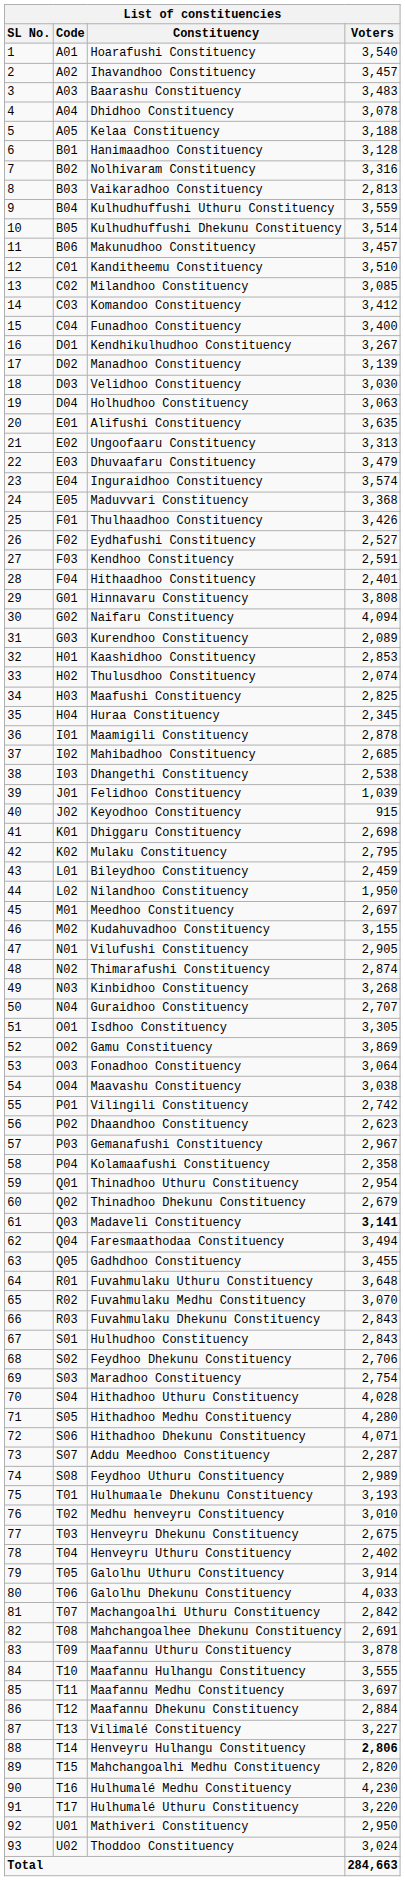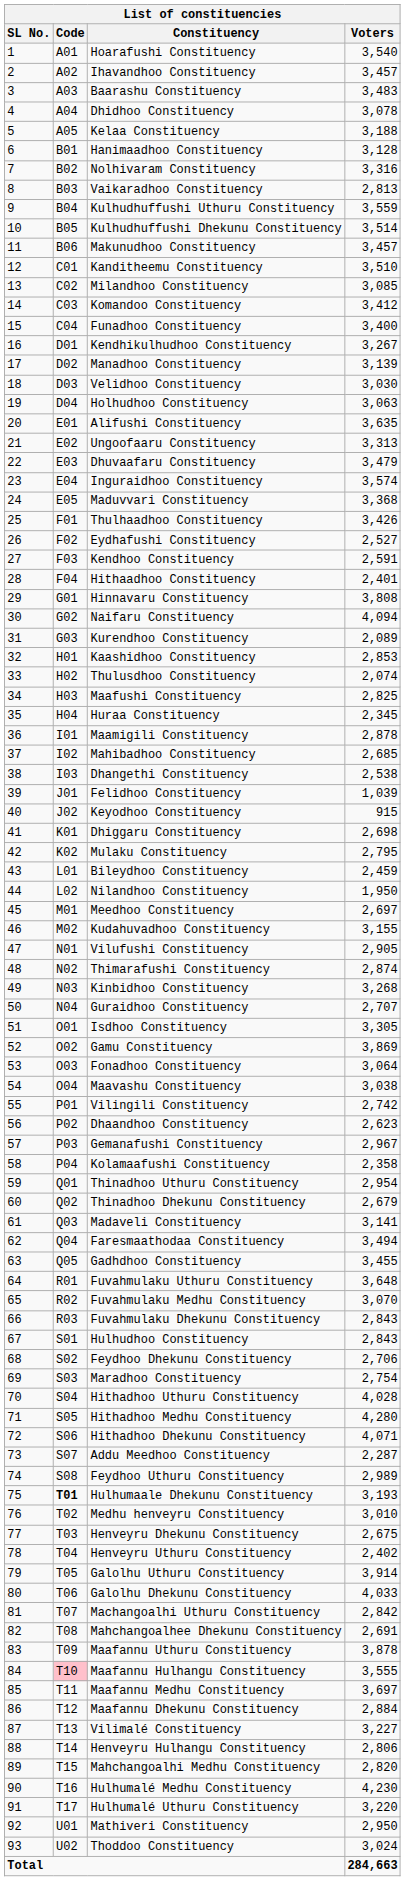 <table class="wikitable sortable collapsible">
 <tr>
 <th colspan=4>List of constituencies</th>
 </tr>
 <tr>
 <th>SL No.</th>
 <th>Code</th>
 <th>Constituency</th>
 <th>Voters</th>
 </tr>
 <tr>
 <td>1</td>
 <td>A01</td>
 <td>Hoarafushi Constituency</td>
 <td align=right>3,540</td>
 </tr>
 <tr>
 <td>2</td>
 <td>A02</td>
 <td>Ihavandhoo Constituency</td>
 <td align=right>3,457</td>
 </tr>
 <tr>
 <td>3</td>
 <td>A03</td>
 <td>Baarashu Constituency</td>
 <td align=right>3,483</td>
 </tr>
 <tr>
 <td>4</td>
 <td>A04</td>
 <td>Dhidhoo Constituency</td>
 <td align=right>3,078</td>
 </tr>
 <tr>
 <td>5</td>
 <td>A05</td>
 <td>Kelaa Constituency</td>
 <td align=right>3,188</td>
 </tr>
 <tr>
 <td>6</td>
 <td>B01</td>
 <td>Hanimaadhoo Constituency</td>
 <td align=right>3,128</td>
 </tr>
 <tr>
 <td>7</td>
 <td>B02</td>
 <td>Nolhivaram Constituency</td>
 <td align=right>3,316</td>
 </tr>
 <tr>
 <td>8</td>
 <td>B03</td>
 <td>Vaikaradhoo Constituency</td>
 <td align=right>2,813</td>
 </tr>
 <tr>
 <td>9</td>
 <td>B04</td>
 <td>Kulhudhuffushi Uthuru Constituency</td>
 <td align=right>3,559</td>
 </tr>
 <tr>
 <td>10</td>
 <td>B05</td>
 <td>Kulhudhuffushi Dhekunu  Constituency</td>
 <td align=right>3,514</td>
 </tr>
 <tr>
 <td>11</td>
 <td>B06</td>
 <td>Makunudhoo Constituency</td>
 <td align=right>3,457</td>
 </tr>
 <tr>
 <td>12</td>
 <td>C01</td>
 <td>Kanditheemu Constituency</td>
 <td align=right>3,510</td>
 </tr>
 <tr>
 <td>13</td>
 <td>C02</td>
 <td>Milandhoo Constituency</td>
 <td align=right>3,085</td>
 </tr>
 <tr>
 <td>14</td>
 <td>C03</td>
 <td>Komandoo Constituency</td>
 <td align=right>3,412</td>
 </tr>
 <tr>
 <td>15</td>
 <td>C04</td>
 <td>Funadhoo Constituency</td>
 <td align=right>3,400</td>
 </tr>
 <tr>
 <td>16</td>
 <td>D01</td>
 <td>Kendhikulhudhoo Constituency</td>
 <td align=right>3,267</td>
 </tr>
 <tr>
 <td>17</td>
 <td>D02</td>
 <td>Manadhoo Constituency</td>
 <td align=right>3,139</td>
 </tr>
 <tr>
 <td>18</td>
 <td>D03</td>
 <td>Velidhoo Constituency</td>
 <td align=right>3,030</td>
 </tr>
 <tr>
 <td>19</td>
 <td>D04</td>
 <td>Holhudhoo Constituency</td>
 <td align=right>3,063</td>
 </tr>
 <tr>
 <td>20</td>
 <td>E01</td>
 <td>Alifushi Constituency</td>
 <td align=right>3,635</td>
 </tr>
 <tr>
 <td>21</td>
 <td>E02</td>
 <td>Ungoofaaru Constituency</td>
 <td align=right>3,313</td>
 </tr>
 <tr>
 <td>22</td>
 <td>E03</td>
 <td>Dhuvaafaru Constituency</td>
 <td align=right>3,479</td>
 </tr>
 <tr>
 <td>23</td>
 <td>E04</td>
 <td>Inguraidhoo Constituency</td>
 <td align=right>3,574</td>
 </tr>
 <tr>
 <td>24</td>
 <td>E05</td>
 <td>Maduvvari Constituency</td>
 <td align=right>3,368</td>
 </tr>
 <tr>
 <td>25</td>
 <td>F01</td>
 <td>Thulhaadhoo Constituency</td>
 <td align=right>3,426</td>
 </tr>
 <tr>
 <td>26</td>
 <td>F02</td>
 <td>Eydhafushi Constituency</td>
 <td align=right>2,527</td>
 </tr>
 <tr>
 <td>27</td>
 <td>F03</td>
 <td>Kendhoo Constituency</td>
 <td align=right>2,591</td>
 </tr>
 <tr>
 <td>28</td>
 <td>F04</td>
 <td>Hithaadhoo Constituency</td>
 <td align=right>2,401</td>
 </tr>
 <tr>
 <td>29</td>
 <td>G01</td>
 <td>Hinnavaru Constituency</td>
 <td align=right>3,808</td>
 </tr>
 <tr>
 <td>30</td>
 <td>G02</td>
 <td>Naifaru Constituency</td>
 <td align=right>4,094</td>
 </tr>
 <tr>
 <td>31</td>
 <td>G03</td>
 <td>Kurendhoo Constituency</td>
 <td align=right>2,089</td>
 </tr>
 <tr>
 <td>32</td>
 <td>H01</td>
 <td>Kaashidhoo Constituency</td>
 <td align=right>2,853</td>
 </tr>
 <tr>
 <td>33</td>
 <td>H02</td>
 <td>Thulusdhoo Constituency</td>
 <td align=right>2,074</td>
 </tr>
 <tr>
 <td>34</td>
 <td>H03</td>
 <td>Maafushi Constituency</td>
 <td align=right>2,825</td>
 </tr>
 <tr>
 <td>35</td>
 <td>H04</td>
 <td>Huraa Constituency</td>
 <td align=right>2,345</td>
 </tr>
 <tr>
 <td>36</td>
 <td>I01</td>
 <td>Maamigili Constituency</td>
 <td align=right>2,878</td>
 </tr>
 <tr>
 <td>37</td>
 <td>I02</td>
 <td>Mahibadhoo Constituency</td>
 <td align=right>2,685</td>
 </tr>
 <tr>
 <td>38</td>
 <td>I03</td>
 <td>Dhangethi Constituency</td>
 <td align=right>2,538</td>
 </tr>
 <tr>
 <td>39</td>
 <td>J01</td>
 <td>Felidhoo Constituency</td>
 <td align=right>1,039</td>
 </tr>
 <tr>
 <td>40</td>
 <td>J02</td>
 <td>Keyodhoo Constituency</td>
 <td align=right>915</td>
 </tr>
 <tr>
 <td>41</td>
 <td>K01</td>
 <td>Dhiggaru Constituency</td>
 <td align=right>2,698</td>
 </tr>
 <tr>
 <td>42</td>
 <td>K02</td>
 <td>Mulaku Constituency</td>
 <td align=right>2,795</td>
 </tr>
 <tr>
 <td>43</td>
 <td>L01</td>
 <td>Bileydhoo Constituency</td>
 <td align=right>2,459</td>
 </tr>
 <tr>
 <td>44</td>
 <td>L02</td>
 <td>Nilandhoo Constituency</td>
 <td align=right>1,950</td>
 </tr>
 <tr>
 <td>45</td>
 <td>M01</td>
 <td>Meedhoo Constituency</td>
 <td align=right>2,697</td>
 </tr>
 <tr>
 <td>46</td>
 <td>M02</td>
 <td>Kudahuvadhoo Constituency</td>
 <td align=right>3,155</td>
 </tr>
 <tr>
 <td>47</td>
 <td>N01</td>
 <td>Vilufushi Constituency</td>
 <td align=right>2,905</td>
 </tr>
 <tr>
 <td>48</td>
 <td>N02</td>
 <td>Thimarafushi Constituency</td>
 <td align=right>2,874</td>
 </tr>
 <tr>
 <td>49</td>
 <td>N03</td>
 <td>Kinbidhoo Constituency</td>
 <td align=right>3,268</td>
 </tr>
 <tr>
 <td>50</td>
 <td>N04</td>
 <td>Guraidhoo Constituency</td>
 <td align=right>2,707</td>
 </tr>
 <tr>
 <td>51</td>
 <td>O01</td>
 <td>Isdhoo Constituency</td>
 <td align=right>3,305</td>
 </tr>
 <tr>
 <td>52</td>
 <td>O02</td>
 <td>Gamu Constituency</td>
 <td align=right>3,869</td>
 </tr>
 <tr>
 <td>53</td>
 <td>O03</td>
 <td>Fonadhoo Constituency</td>
 <td align=right>3,064</td>
 </tr>
 <tr>
 <td>54</td>
 <td>O04</td>
 <td>Maavashu Constituency</td>
 <td align=right>3,038</td>
 </tr>
 <tr>
 <td>55</td>
 <td>P01</td>
 <td>Vilingili Constituency</td>
 <td align=right>2,742</td>
 </tr>
 <tr>
 <td>56</td>
 <td>P02</td>
 <td>Dhaandhoo Constituency</td>
 <td align=right>2,623</td>
 </tr>
 <tr>
 <td>57</td>
 <td>P03</td>
 <td>Gemanafushi Constituency</td>
 <td align=right>2,967</td>
 </tr>
 <tr>
 <td>58</td>
 <td>P04</td>
 <td>Kolamaafushi Constituency</td>
 <td align=right>2,358</td>
 </tr>
 <tr>
 <td>59</td>
 <td>Q01</td>
 <td>Thinadhoo Uthuru Constituency</td>
 <td align=right>2,954</td>
 </tr>
 <tr>
 <td>60</td>
 <td>Q02</td>
 <td>Thinadhoo Dhekunu Constituency</td>
 <td align=right>2,679</td>
 </tr>
 <tr>
 <td>61</td>
 <td>Q03</td>
 <td>Madaveli Constituency</td>
-<td align=right><strong>3,141</strong></td>
+<td align=right>3,141</td>
 </tr>
 <tr>
 <td>62</td>
 <td>Q04</td>
 <td>Faresmaathodaa Constituency</td>
 <td align=right>3,494</td>
 </tr>
 <tr>
 <td>63</td>
 <td>Q05</td>
 <td>Gadhdhoo Constituency</td>
 <td align=right>3,455</td>
 </tr>
 <tr>
 <td>64</td>
 <td>R01</td>
 <td>Fuvahmulaku Uthuru Constituency</td>
 <td align=right>3,648</td>
 </tr>
 <tr>
 <td>65</td>
 <td>R02</td>
 <td>Fuvahmulaku Medhu Constituency</td>
 <td align=right>3,070</td>
 </tr>
 <tr>
 <td>66</td>
 <td>R03</td>
 <td>Fuvahmulaku Dhekunu Constituency</td>
 <td align=right>2,843</td>
 </tr>
 <tr>
 <td>67</td>
 <td>S01</td>
 <td>Hulhudhoo Constituency</td>
 <td align=right>2,843</td>
 </tr>
 <tr>
 <td>68</td>
 <td>S02</td>
 <td>Feydhoo Dhekunu Constituency</td>
 <td align=right>2,706</td>
 </tr>
 <tr>
 <td>69</td>
 <td>S03</td>
 <td>Maradhoo Constituency</td>
 <td align=right>2,754</td>
 </tr>
 <tr>
 <td>70</td>
 <td>S04</td>
 <td>Hithadhoo Uthuru Constituency</td>
 <td align=right>4,028</td>
 </tr>
 <tr>
 <td>71</td>
 <td>S05</td>
 <td>Hithadhoo Medhu Constituency</td>
 <td align=right>4,280</td>
 </tr>
 <tr>
 <td>72</td>
 <td>S06</td>
 <td>Hithadhoo Dhekunu Constituency</td>
 <td align=right>4,071</td>
 </tr>
 <tr>
 <td>73</td>
 <td>S07</td>
 <td>Addu Meedhoo Constituency</td>
 <td align=right>2,287</td>
 </tr>
 <tr>
 <td>74</td>
 <td>S08</td>
 <td>Feydhoo Uthuru Constituency</td>
 <td align=right>2,989</td>
 </tr>
 <tr>
 <td>75</td>
-<td>T01</td>
+<td><strong>T01</strong></td>
 <td>Hulhumaale Dhekunu Constituency</td>
 <td align=right>3,193</td>
 </tr>
 <tr>
 <td>76</td>
 <td>T02</td>
 <td>Medhu henveyru Constituency</td>
 <td align=right>3,010</td>
 </tr>
 <tr>
 <td>77</td>
 <td>T03</td>
 <td>Henveyru Dhekunu Constituency</td>
 <td align=right>2,675</td>
 </tr>
 <tr>
 <td>78</td>
 <td>T04</td>
 <td>Henveyru Uthuru Constituency</td>
 <td align=right>2,402</td>
 </tr>
 <tr>
 <td>79</td>
 <td>T05</td>
 <td>Galolhu Uthuru Constituency</td>
 <td align=right>3,914</td>
 </tr>
 <tr>
 <td>80</td>
 <td>T06</td>
 <td>Galolhu Dhekunu Constituency</td>
 <td align=right>4,033</td>
 </tr>
 <tr>
 <td>81</td>
 <td>T07</td>
 <td>Machangoalhi Uthuru Constituency</td>
 <td align=right>2,842</td>
 </tr>
 <tr>
 <td>82</td>
 <td>T08</td>
 <td>Mahchangoalhee Dhekunu Constituency</td>
 <td align=right>2,691</td>
 </tr>
 <tr>
 <td>83</td>
 <td>T09</td>
 <td>Maafannu Uthuru Constituency</td>
 <td align=right>3,878</td>
 </tr>
 <tr>
 <td>84</td>
-<td>T10</td>
+<td style="background: pink;">T10</td>
 <td>Maafannu Hulhangu Constituency</td>
 <td align=right>3,555</td>
 </tr>
 <tr>
 <td>85</td>
 <td>T11</td>
 <td>Maafannu Medhu Constituency</td>
 <td align=right>3,697</td>
 </tr>
 <tr>
 <td>86</td>
 <td>T12</td>
 <td>Maafannu Dhekunu Constituency</td>
 <td align=right>2,884</td>
 </tr>
 <tr>
 <td>87</td>
 <td>T13</td>
 <td>Vilimalé Constituency</td>
 <td align=right>3,227</td>
 </tr>
 <tr>
 <td>88</td>
 <td>T14</td>
 <td>Henveyru Hulhangu Constituency</td>
-<td align=right><strong>2,806</strong></td>
+<td align=right>2,806</td>
 </tr>
 <tr>
 <td>89</td>
 <td>T15</td>
 <td>Mahchangoalhi Medhu Constituency</td>
 <td align=right>2,820</td>
 </tr>
 <tr>
 <td>90</td>
 <td>T16</td>
 <td>Hulhumalé Medhu Constituency</td>
 <td align=right>4,230</td>
 </tr>
 <tr>
 <td>91</td>
 <td>T17</td>
 <td>Hulhumalé Uthuru Constituency</td>
 <td align=right>3,220</td>
 </tr>
 <tr>
 <td>92</td>
 <td>U01</td>
 <td>Mathiveri Constituency</td>
 <td align=right>2,950</td>
 </tr>
 <tr>
 <td>93</td>
 <td>U02</td>
 <td>Thoddoo Constituency</td>
 <td align=right>3,024</td>
 </tr>
 <tr class=sortbottom style=font-weight:bold>
 <td colspan=3>Total</td>
 <td align=right>284,663</td>
 </tr>
 </table>
